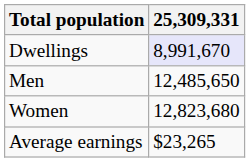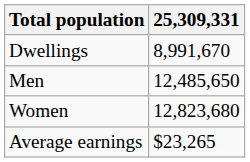 <table class="wikitable">
 <tr>
 <th>Total population</th>
 <th>25,309,331</th>
 </tr>
 <tr>
 <td>Dwellings</td>
-<td style="background: lavender;">8,991,670</td>
+<td>8,991,670</td>
 </tr>
 <tr>
 <td>Men</td>
 <td>12,485,650</td>
 </tr>
 <tr>
 <td>Women</td>
 <td>12,823,680</td>
 </tr>
 <tr>
 <td>Average earnings</td>
 <td>$23,265</td>
 </tr>
 </table>
